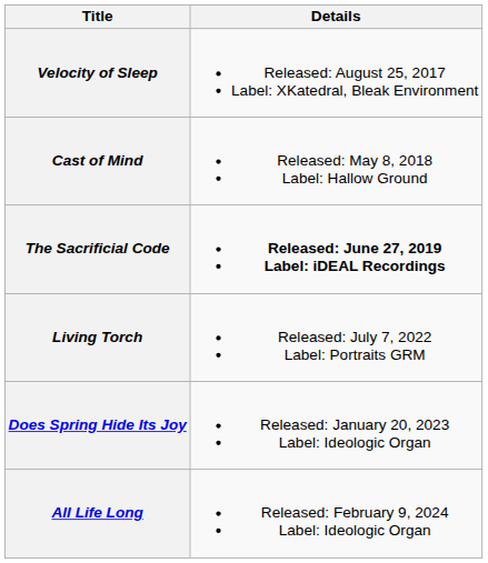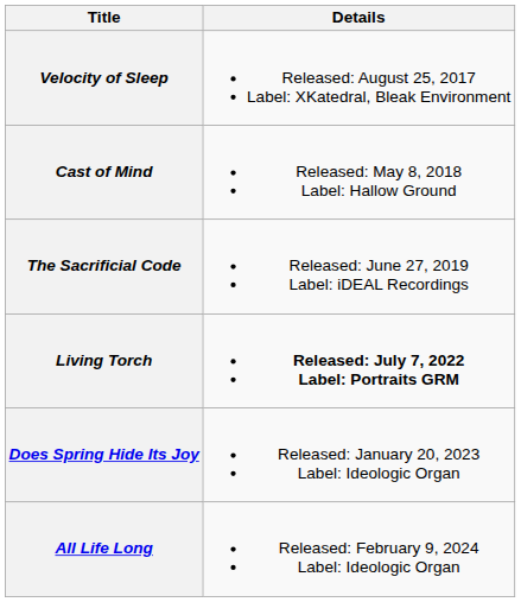 <table class="wikitable plainrowheaders" style="text-align:center;">
 <tr>
 <th scope="col">Title</th>
 <th scope="col">Details</th>
 </tr>
 <tr>
 <th scope="row"><em>Velocity of Sleep</em></th>
 <td><br><ul><li>Released: August 25, 2017</li><li>Label: XKatedral, Bleak Environment</li></ul></td>
 </tr>
 <tr>
 <th scope="row"><em>Cast of Mind</em></th>
 <td><br><ul><li>Released: May 8, 2018</li><li>Label: Hallow Ground</li></ul></td>
 </tr>
 <tr>
 <th scope="row"><em>The Sacrificial Code</em></th>
-<td><strong><br><ul><li>Released: June 27, 2019</li><li>Label: iDEAL Recordings</li></ul></strong></td>
+<td><br><ul><li>Released: June 27, 2019</li><li>Label: iDEAL Recordings</li></ul></td>
 </tr>
 <tr>
 <th scope="row"><em>Living Torch</em></th>
-<td><br><ul><li>Released: July 7, 2022</li><li>Label: Portraits GRM</li></ul></td>
+<td><strong><br><ul><li>Released: July 7, 2022</li><li>Label: Portraits GRM</li></ul></strong></td>
 </tr>
 <tr>
 <th scope="row"><em><a href='#'>Does Spring Hide Its Joy</a></em><br></th>
 <td><br><ul><li>Released: January 20, 2023</li><li>Label: Ideologic Organ</li></ul></td>
 </tr>
 <tr>
 <th scope="row"><em><a href='#'>All Life Long</a></em></th>
 <td><br><ul><li>Released: February 9, 2024</li><li>Label: Ideologic Organ</li></ul></td>
 </tr>
 </table>
